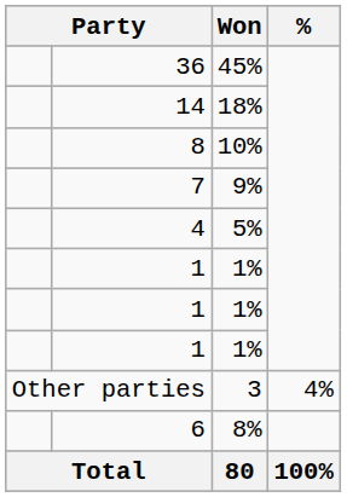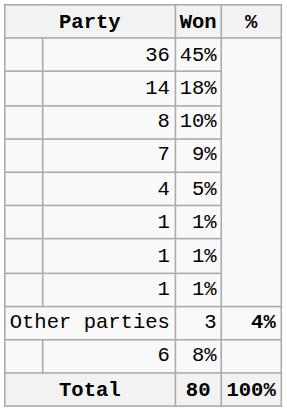 <table class=wikitable style="text-align:right;">
 <tr>
 <th colspan=2>Party</th>
 <th>Won</th>
 <th>%</th>
 </tr>
 <tr>
 <td></td>
 <td>36</td>
 <td>45%</td>
 </tr>
 <tr>
 <td></td>
 <td>14</td>
 <td>18%</td>
 </tr>
 <tr>
 <td></td>
 <td>8</td>
 <td>10%</td>
 </tr>
 <tr>
 <td></td>
 <td>7</td>
 <td>9%</td>
 </tr>
 <tr>
 <td></td>
 <td>4</td>
 <td>5%</td>
 </tr>
 <tr>
 <td></td>
 <td>1</td>
 <td>1%</td>
 </tr>
 <tr>
 <td></td>
 <td>1</td>
 <td>1%</td>
 </tr>
 <tr>
 <td></td>
 <td>1</td>
 <td>1%</td>
 </tr>
 <tr>
 <td colspan=2 align=left>Other parties</td>
 <td>3</td>
-<td>4%</td>
+<td><strong>4%</strong></td>
 </tr>
 <tr>
 <td></td>
 <td>6</td>
 <td>8%</td>
 </tr>
 <tr>
 <th colspan=2>Total</th>
 <th>80</th>
 <th>100%</th>
 </tr>
 </table>
